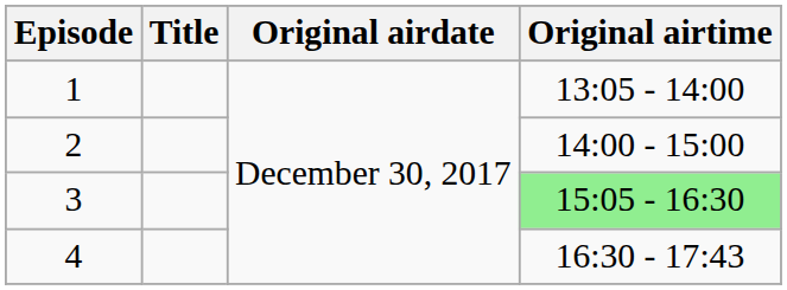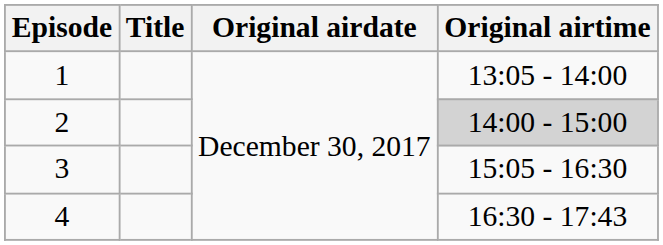 <table class="wikitable" style="text-align: center;">
 <tr>
 <th>Episode</th>
 <th>Title</th>
 <th>Original airdate</th>
 <th>Original airtime</th>
 </tr>
 <tr>
 <td>1</td>
 <td></td>
 <td rowspan="4">December 30, 2017</td>
 <td>13:05 - 14:00</td>
 </tr>
 <tr>
 <td>2</td>
 <td></td>
-<td>14:00 - 15:00</td>
+<td style="background: lightgrey;">14:00 - 15:00</td>
 </tr>
 <tr>
 <td>3</td>
 <td></td>
-<td style="background: lightgreen;">15:05 - 16:30</td>
+<td>15:05 - 16:30</td>
 </tr>
 <tr>
 <td>4</td>
 <td></td>
 <td>16:30 - 17:43</td>
 </tr>
 </table>
